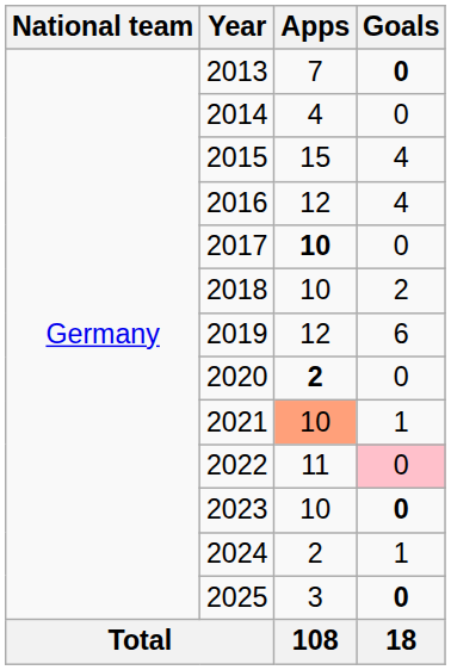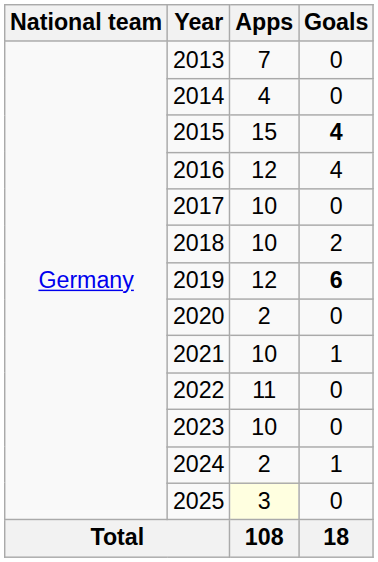 <table class="wikitable" style="text-align:center">
 <tr>
 <th>National team</th>
 <th>Year</th>
 <th>Apps</th>
 <th>Goals</th>
 </tr>
 <tr>
 <td rowspan="13"><a href='#'>Germany</a></td>
 <td>2013</td>
 <td>7</td>
-<td><strong>0</strong></td>
+<td>0</td>
 </tr>
 <tr>
 <td>2014</td>
 <td>4</td>
 <td>0</td>
 </tr>
 <tr>
 <td>2015</td>
 <td>15</td>
-<td>4</td>
+<td><strong>4</strong></td>
 </tr>
 <tr>
 <td>2016</td>
 <td>12</td>
 <td>4</td>
 </tr>
 <tr>
 <td>2017</td>
-<td><strong>10</strong></td>
+<td>10</td>
 <td>0</td>
 </tr>
 <tr>
 <td>2018</td>
 <td>10</td>
 <td>2</td>
 </tr>
 <tr>
 <td>2019</td>
 <td>12</td>
-<td>6</td>
+<td><strong>6</strong></td>
 </tr>
 <tr>
 <td>2020</td>
-<td><strong>2</strong></td>
+<td>2</td>
 <td>0</td>
 </tr>
 <tr>
 <td>2021</td>
-<td style="background: lightsalmon;">10</td>
+<td>10</td>
 <td>1</td>
 </tr>
 <tr>
 <td>2022</td>
 <td>11</td>
-<td style="background: pink;">0</td>
+<td>0</td>
 </tr>
 <tr>
 <td>2023</td>
 <td>10</td>
-<td><strong>0</strong></td>
+<td>0</td>
 </tr>
 <tr>
 <td>2024</td>
 <td>2</td>
 <td>1</td>
 </tr>
 <tr>
 <td>2025</td>
-<td>3</td>
-<td><strong>0</strong></td>
+<td style="background: lightyellow;">3</td>
+<td>0</td>
 </tr>
 <tr>
 <th colspan="2">Total</th>
 <th>108</th>
 <th>18</th>
 </tr>
 </table>
